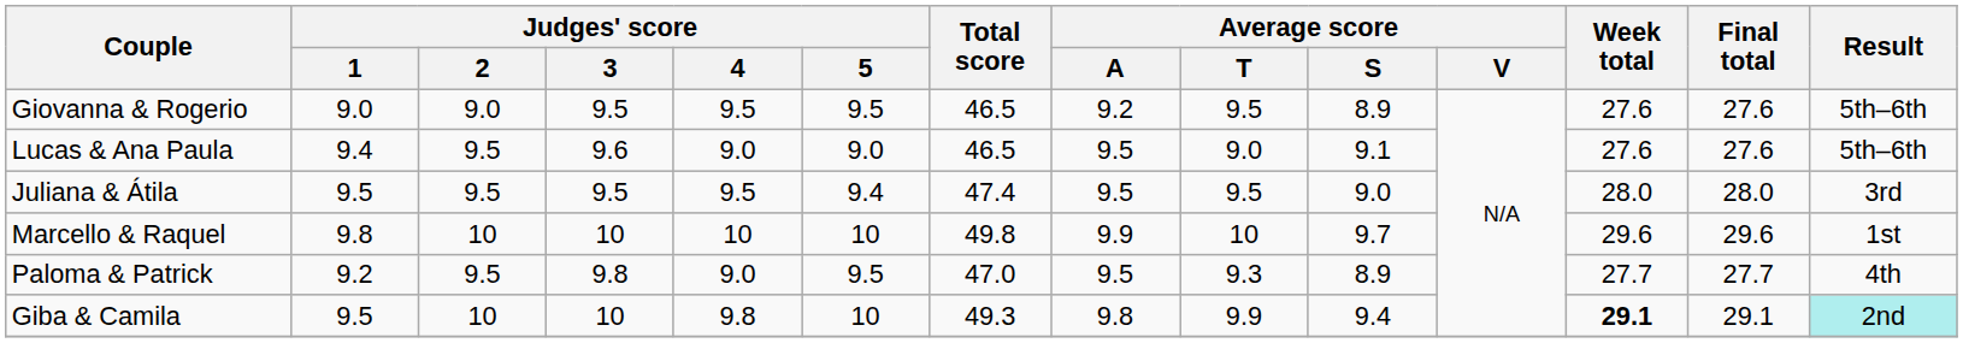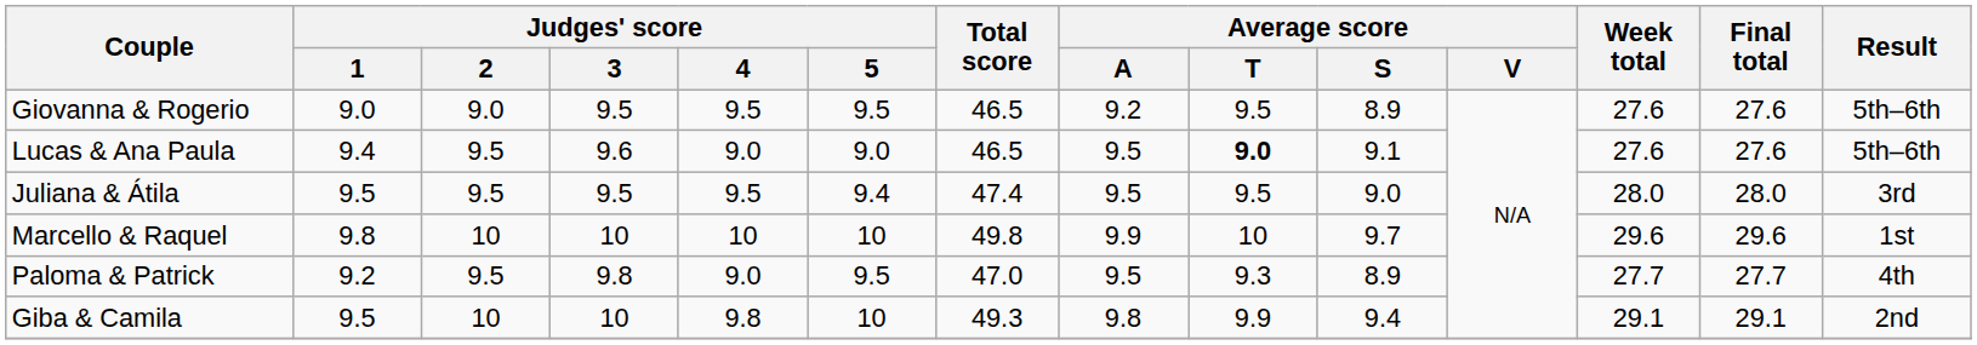 <table class="wikitable" style="font-size:90%; line-height:16px; text-align:center" width="85%">
 <tr>
 <th rowspan=2 width=150>Couple</th>
 <th colspan=5 width=185>Judges' score</th>
 <th rowspan=2 width=060>Total score</th>
 <th colspan=4 width=148>Average score</th>
 <th rowspan=2 width=060>Week total</th>
 <th rowspan=2 width=060>Final total</th>
 <th rowspan=2 width=075>Result</th>
 </tr>
 <tr>
 <th>1</th>
 <th>2</th>
 <th>3</th>
 <th>4</th>
 <th>5</th>
 <th>A</th>
 <th>T</th>
 <th>S</th>
 <th>V</th>
 </tr>
 <tr>
 <td align="left">Giovanna & Rogerio</td>
 <td>9.0</td>
 <td>9.0</td>
 <td>9.5</td>
 <td>9.5</td>
 <td>9.5</td>
 <td>46.5</td>
 <td>9.2</td>
 <td>9.5</td>
 <td>8.9</td>
 <td rowspan=6><small>N/A</small></td>
 <td>27.6</td>
 <td>27.6</td>
 <td>5th–6th</td>
 </tr>
 <tr>
 <td align="left">Lucas & Ana Paula</td>
 <td>9.4</td>
 <td>9.5</td>
 <td>9.6</td>
 <td>9.0</td>
 <td>9.0</td>
 <td>46.5</td>
 <td>9.5</td>
-<td>9.0</td>
+<td><strong>9.0</strong></td>
 <td>9.1</td>
 <td>27.6</td>
 <td>27.6</td>
 <td>5th–6th</td>
 </tr>
 <tr>
 <td align="left">Juliana & Átila</td>
 <td>9.5</td>
 <td>9.5</td>
 <td>9.5</td>
 <td>9.5</td>
 <td>9.4</td>
 <td>47.4</td>
 <td>9.5</td>
 <td>9.5</td>
 <td>9.0</td>
 <td>28.0</td>
 <td>28.0</td>
 <td>3rd</td>
 </tr>
 <tr>
 <td align="left">Marcello & Raquel</td>
 <td>9.8</td>
 <td>10</td>
 <td>10</td>
 <td>10</td>
 <td>10</td>
 <td>49.8</td>
 <td>9.9</td>
 <td>10</td>
 <td>9.7</td>
 <td>29.6</td>
 <td>29.6</td>
 <td>1st</td>
 </tr>
 <tr>
 <td align="left">Paloma & Patrick</td>
 <td>9.2</td>
 <td>9.5</td>
 <td>9.8</td>
 <td>9.0</td>
 <td>9.5</td>
 <td>47.0</td>
 <td>9.5</td>
 <td>9.3</td>
 <td>8.9</td>
 <td>27.7</td>
 <td>27.7</td>
 <td>4th</td>
 </tr>
 <tr>
 <td align="left">Giba & Camila</td>
 <td>9.5</td>
 <td>10</td>
 <td>10</td>
 <td>9.8</td>
 <td>10</td>
 <td>49.3</td>
 <td>9.8</td>
 <td>9.9</td>
 <td>9.4</td>
-<td><strong>29.1</strong></td>
 <td>29.1</td>
-<td style="background: paleturquoise;">2nd</td>
+<td>29.1</td>
+<td>2nd</td>
 </tr>
 <tr>
 </tr>
 </table>
